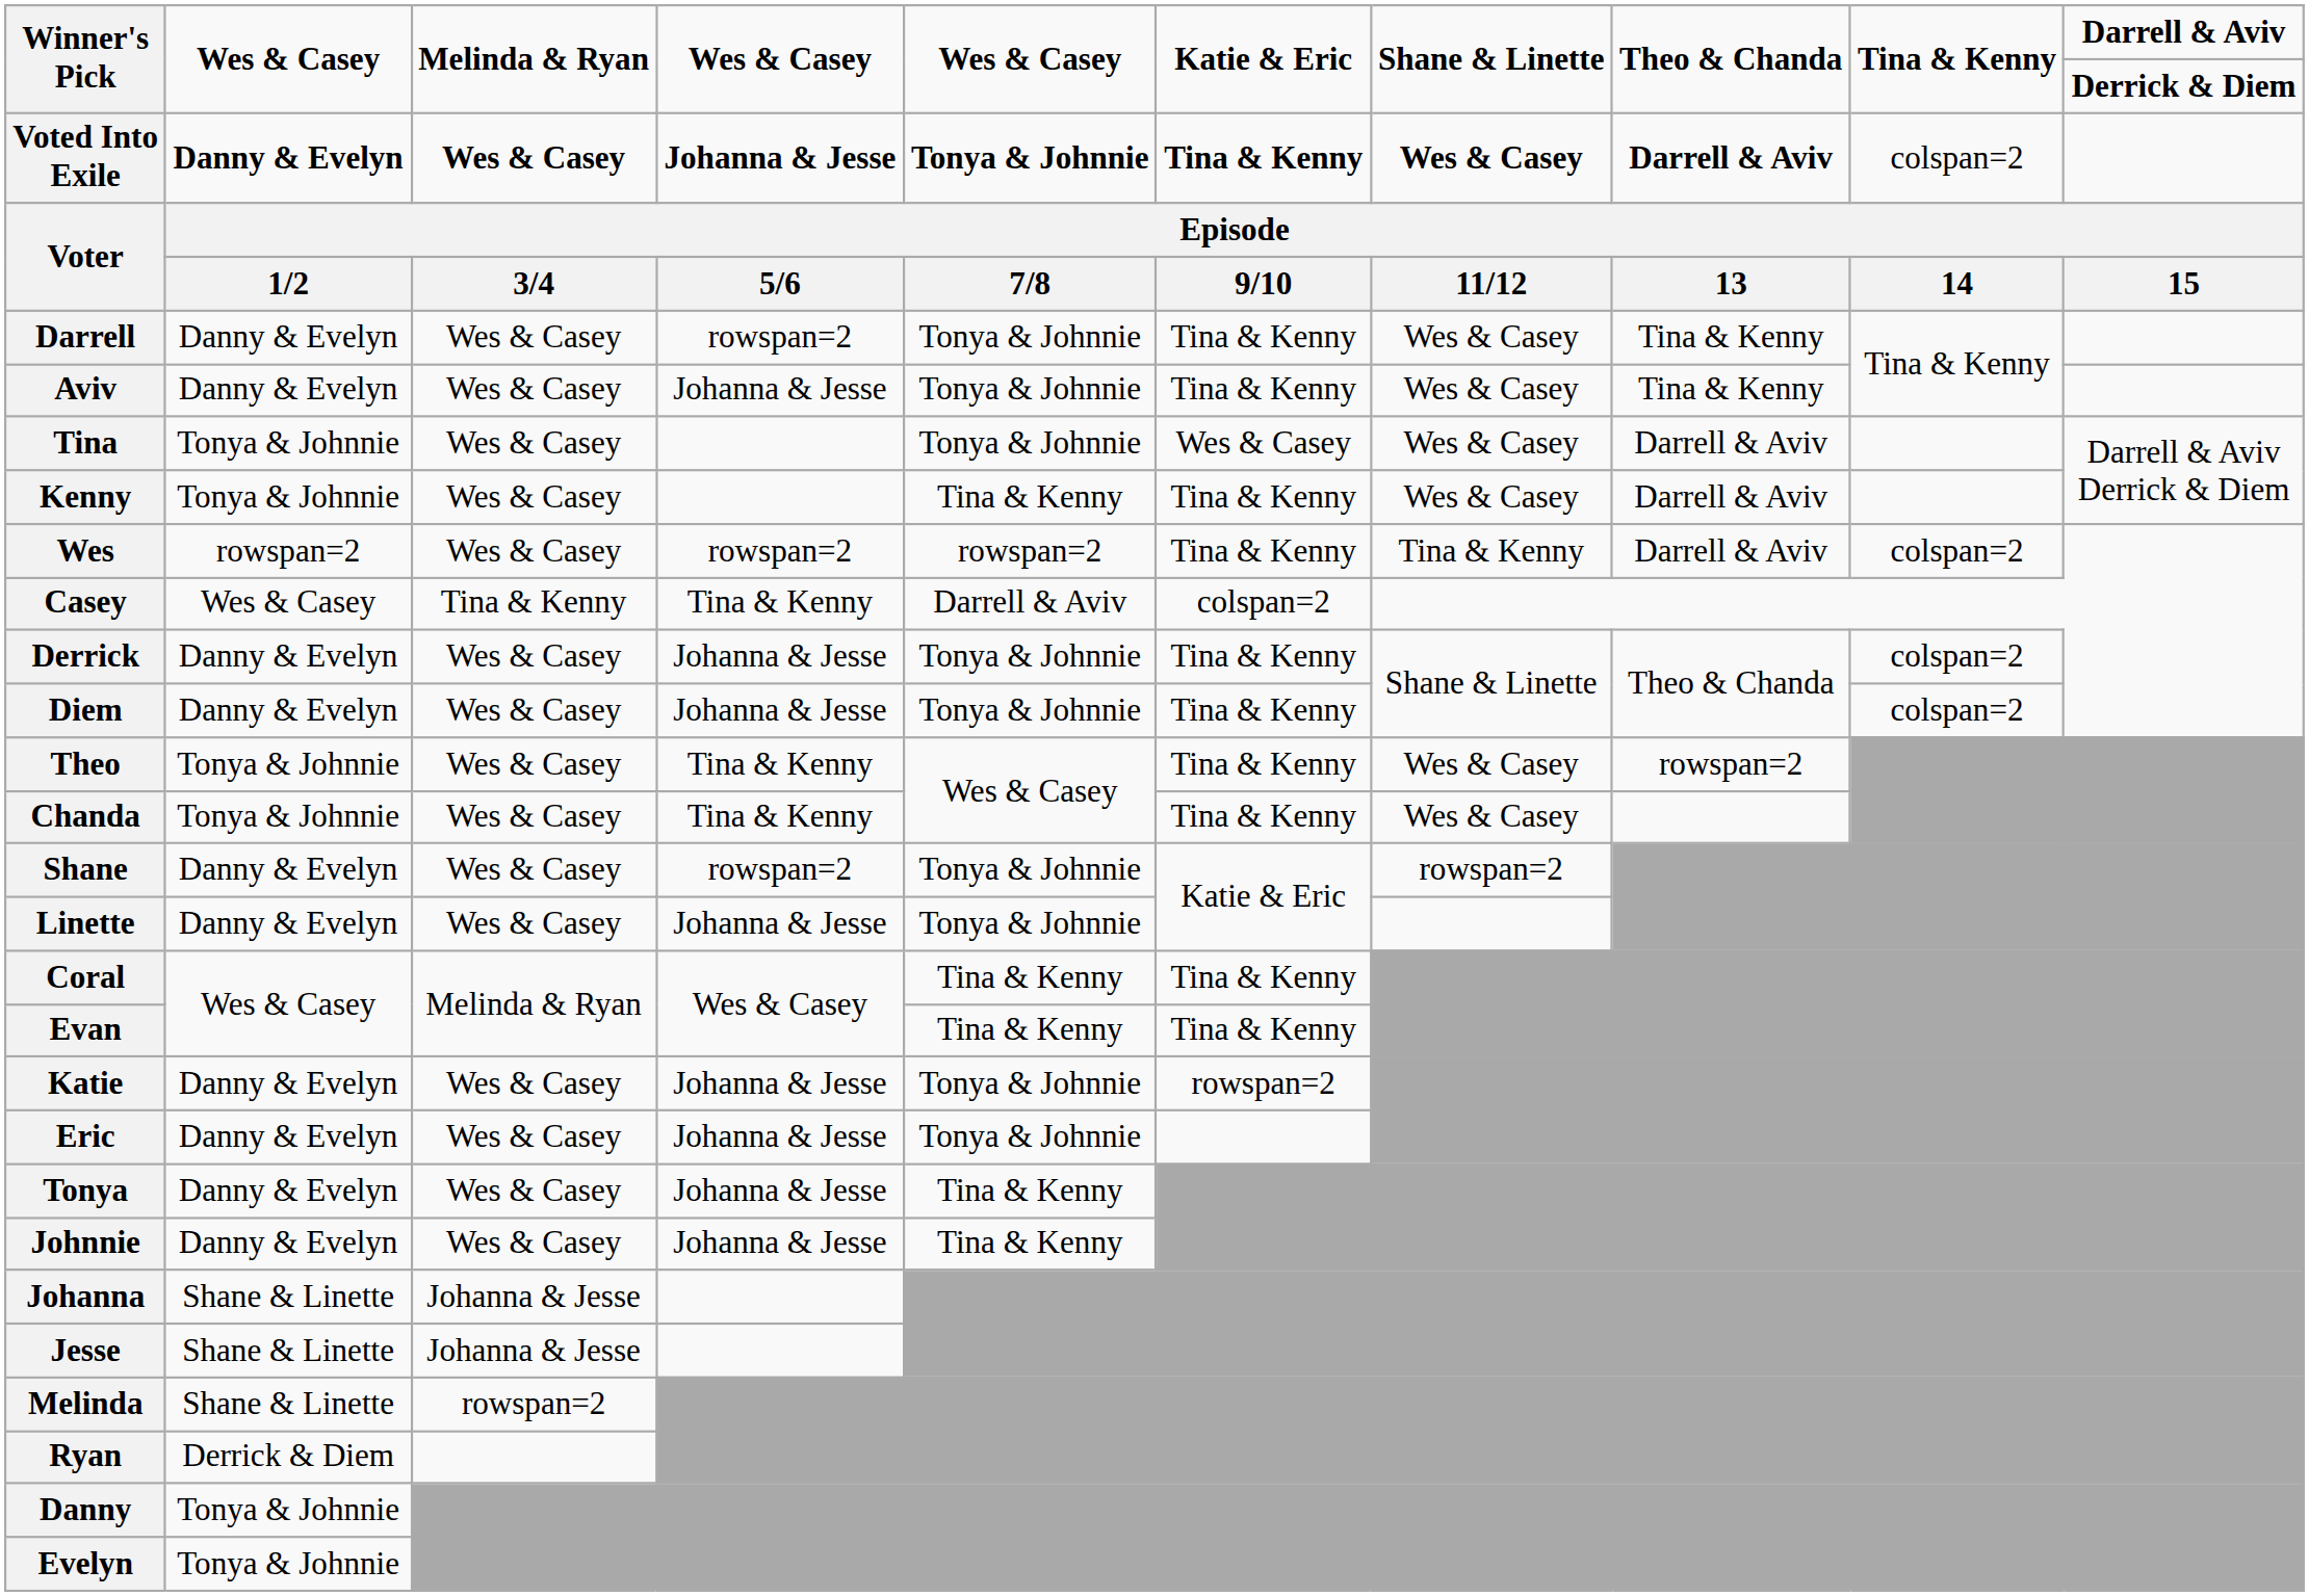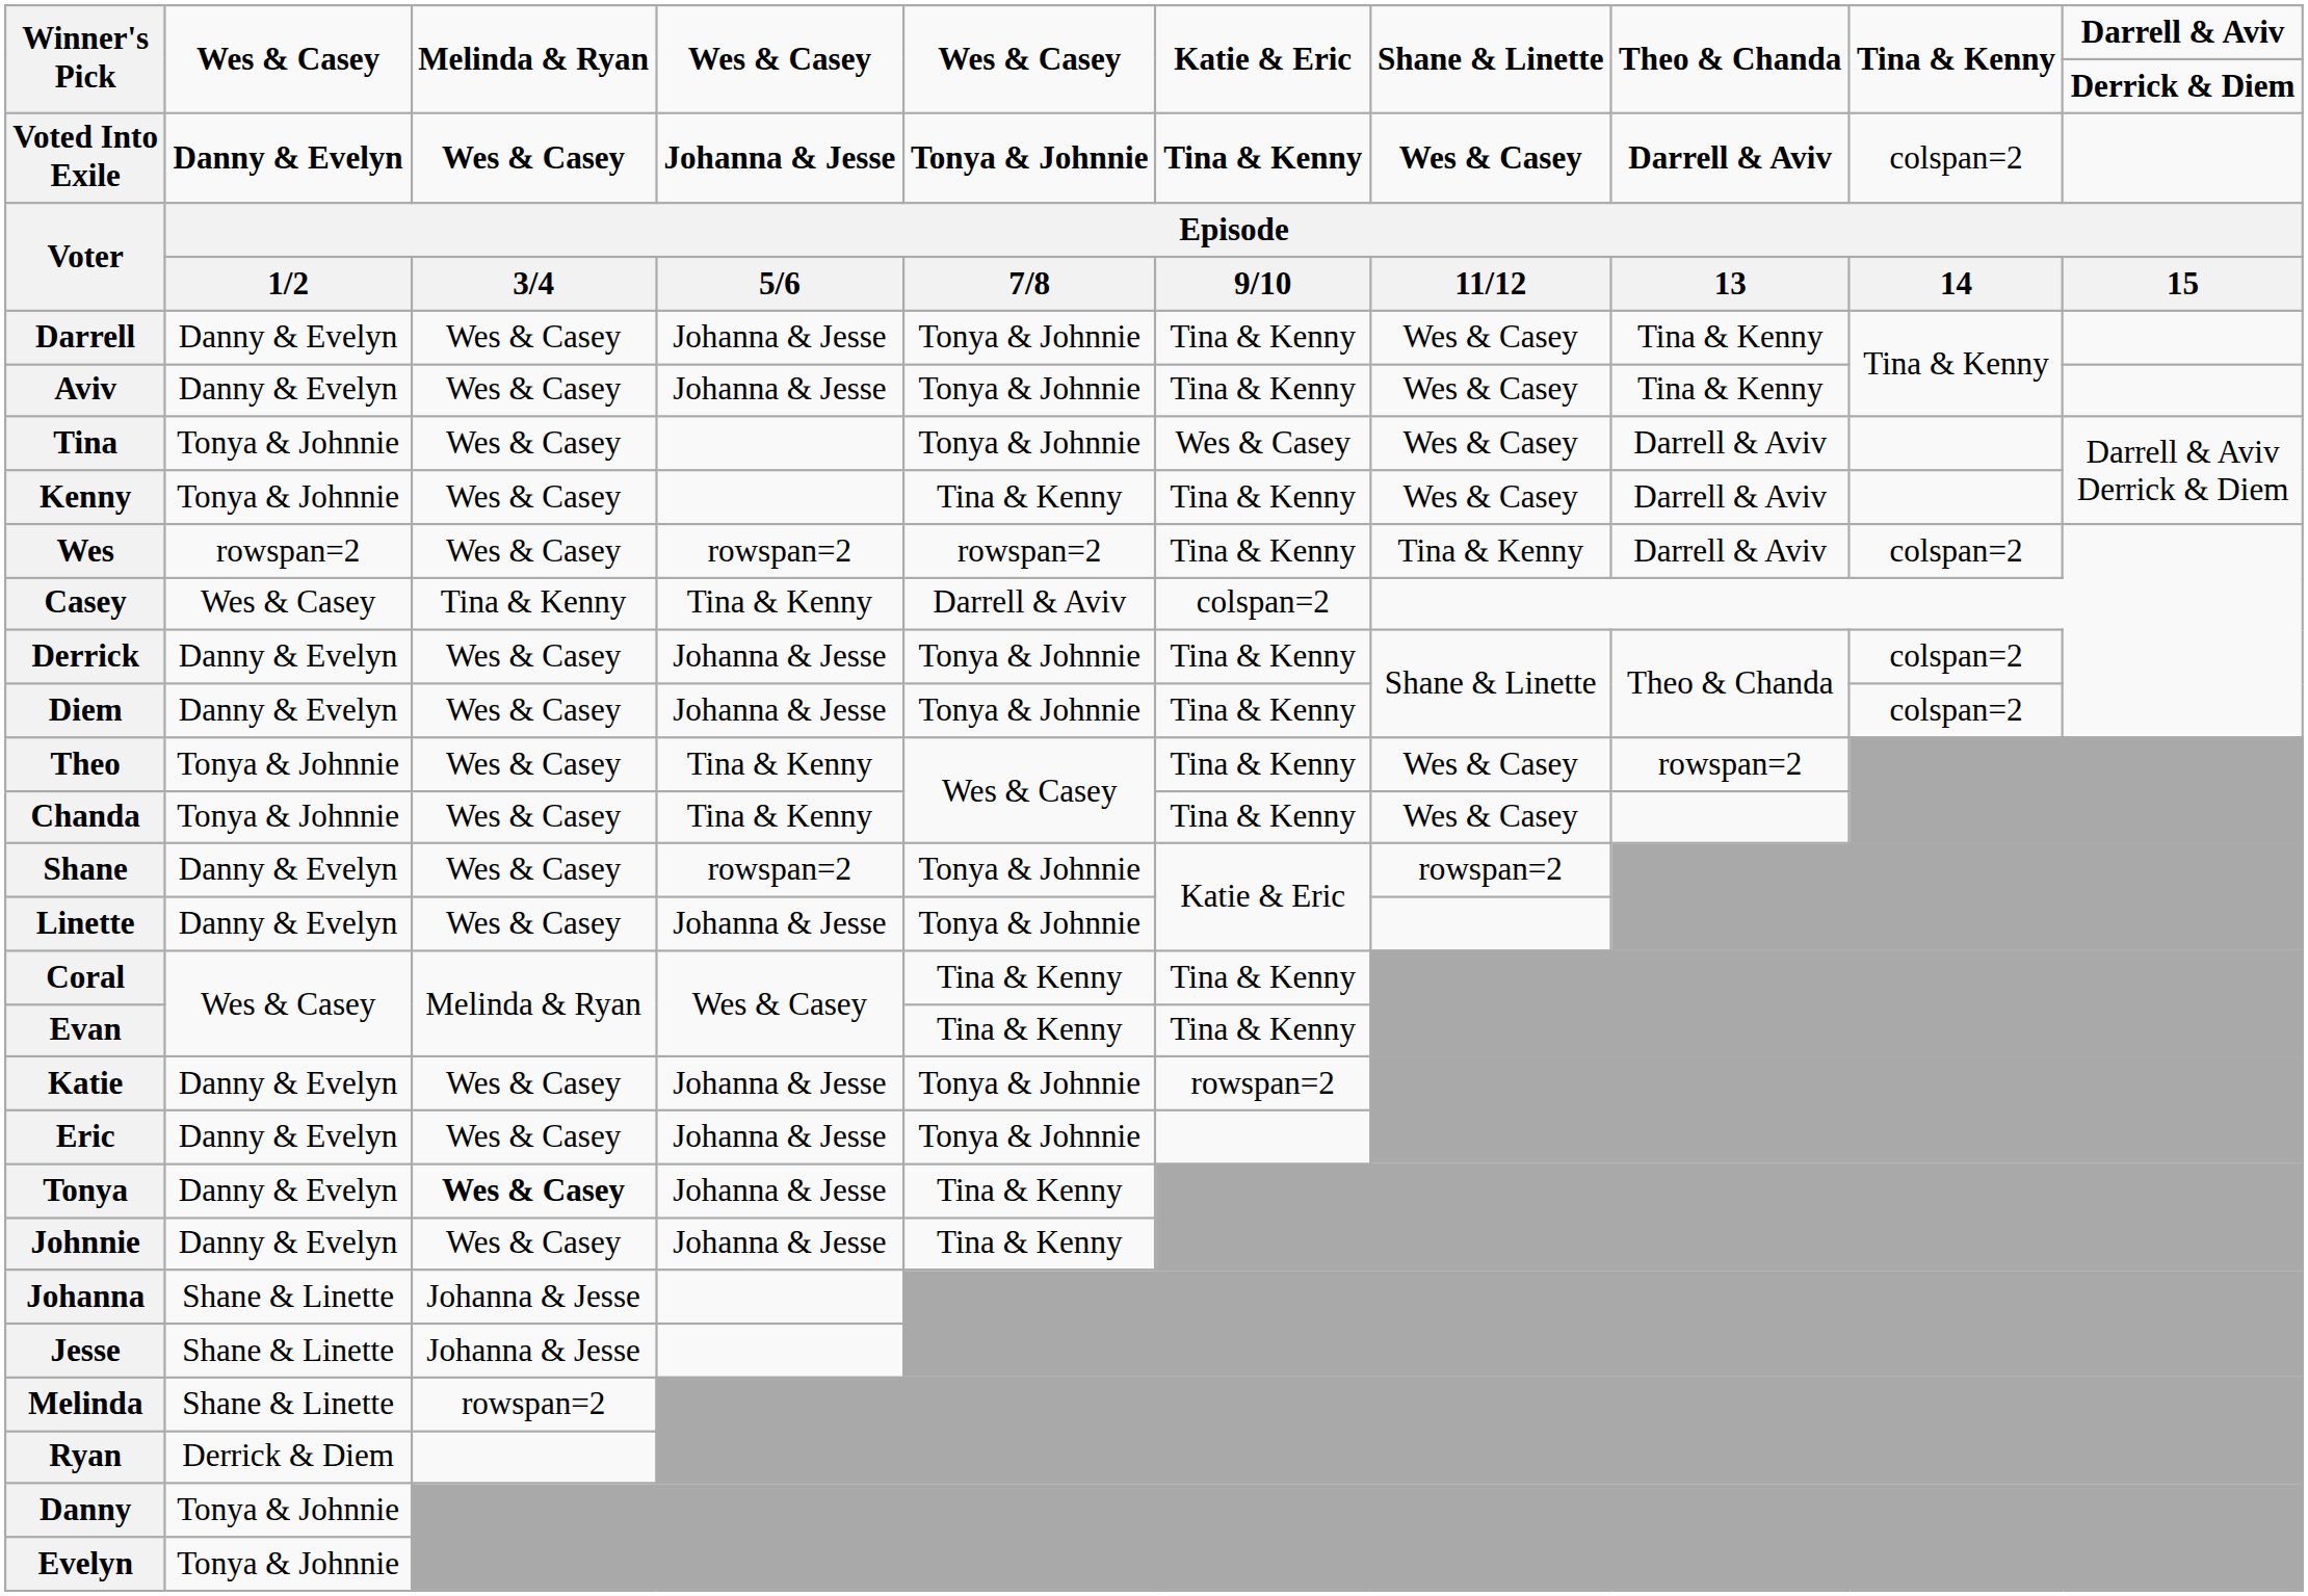 <table class="wikitable" style="text-align:center; font-size:90%; white-space:nowrap">
 <tr>
 <th rowspan=2>Winner's<br>Pick</th>
 <td rowspan=2><strong>Wes & Casey</strong><br></td>
 <td rowspan=2><strong>Melinda & Ryan</strong><br></td>
 <td rowspan=2><strong>Wes & Casey</strong><br></td>
 <td rowspan=2><strong>Wes & Casey</strong><br></td>
 <td rowspan=2><strong>Katie & Eric</strong><br></td>
 <td rowspan=2><strong>Shane & Linette</strong><br></td>
 <td rowspan=2><strong>Theo & Chanda</strong><br></td>
 <td rowspan=2><strong>Tina & Kenny</strong><br></td>
 <td><strong>Darrell & Aviv</strong><br></td>
 </tr>
 <tr>
 <td><strong>Derrick & Diem</strong><br></td>
 </tr>
 <tr>
 <th>Voted Into<br>Exile</th>
 <td><strong>Danny & Evelyn</strong><br></td>
 <td><strong>Wes & Casey</strong><br></td>
 <td><strong>Johanna & Jesse</strong><br></td>
 <td><strong>Tonya & Johnnie</strong><br></td>
 <td><strong>Tina & Kenny</strong><br></td>
 <td><strong>Wes & Casey</strong><br></td>
 <td><strong>Darrell & Aviv</strong><br></td>
 <td>colspan=2 </td>
 </tr>
 <tr>
 <th rowspan=2>Voter</th>
 <th colspan=16>Episode</th>
 </tr>
 <tr>
 <th>1/2</th>
 <th>3/4</th>
 <th>5/6</th>
 <th>7/8</th>
 <th>9/10</th>
 <th>11/12</th>
 <th>13</th>
 <th>14</th>
 <th>15</th>
 </tr>
 <tr>
 <th>Darrell</th>
 <td>Danny & Evelyn</td>
 <td>Wes & Casey</td>
-<td>rowspan=2 </td>
+<td>Johanna & Jesse</td>
 <td>Tonya & Johnnie</td>
 <td>Tina & Kenny</td>
 <td>Wes & Casey</td>
 <td>Tina & Kenny</td>
 <td rowspan=2>Tina & Kenny</td>
 <td></td>
 </tr>
 <tr>
 <th>Aviv</th>
 <td>Danny & Evelyn</td>
 <td>Wes & Casey</td>
 <td>Johanna & Jesse</td>
 <td>Tonya & Johnnie</td>
 <td>Tina & Kenny</td>
 <td>Wes & Casey</td>
 <td>Tina & Kenny</td>
 <td></td>
 </tr>
 <tr>
 <th>Tina</th>
 <td>Tonya & Johnnie</td>
 <td>Wes & Casey</td>
 <td></td>
 <td>Tonya & Johnnie</td>
 <td>Wes & Casey</td>
 <td>Wes & Casey</td>
 <td>Darrell & Aviv</td>
 <td></td>
 <td rowspan=2>Darrell & Aviv<br>Derrick & Diem</td>
 </tr>
 <tr>
 <th>Kenny</th>
 <td>Tonya & Johnnie</td>
 <td>Wes & Casey</td>
 <td></td>
 <td>Tina & Kenny</td>
 <td>Tina & Kenny</td>
 <td>Wes & Casey</td>
 <td>Darrell & Aviv</td>
 <td></td>
 </tr>
 <tr>
 <th>Wes</th>
 <td>rowspan=2 </td>
 <td>Wes & Casey</td>
 <td>rowspan=2 </td>
 <td>rowspan=2 </td>
 <td>Tina & Kenny</td>
 <td>Tina & Kenny</td>
 <td>Darrell & Aviv</td>
 <td>colspan=2 </td>
 </tr>
 <tr>
 <th>Casey</th>
 <td>Wes & Casey</td>
 <td>Tina & Kenny</td>
 <td>Tina & Kenny</td>
 <td>Darrell & Aviv</td>
 <td>colspan=2 </td>
 </tr>
 <tr>
 <th>Derrick</th>
 <td>Danny & Evelyn</td>
 <td>Wes & Casey</td>
 <td>Johanna & Jesse</td>
 <td>Tonya & Johnnie</td>
 <td>Tina & Kenny</td>
 <td rowspan=2>Shane & Linette</td>
 <td rowspan=2>Theo & Chanda</td>
 <td>colspan=2 </td>
 </tr>
 <tr>
 <th>Diem</th>
 <td>Danny & Evelyn</td>
 <td>Wes & Casey</td>
 <td>Johanna & Jesse</td>
 <td>Tonya & Johnnie</td>
 <td>Tina & Kenny</td>
 <td>colspan=2 </td>
 </tr>
 <tr>
 <th>Theo</th>
 <td>Tonya & Johnnie</td>
 <td>Wes & Casey</td>
 <td>Tina & Kenny</td>
 <td rowspan=2>Wes & Casey</td>
 <td>Tina & Kenny</td>
 <td>Wes & Casey</td>
 <td>rowspan=2 </td>
 <td style="background:darkgrey;" rowspan="2" colspan="2"></td>
 </tr>
 <tr>
 <th>Chanda</th>
 <td>Tonya & Johnnie</td>
 <td>Wes & Casey</td>
 <td>Tina & Kenny</td>
 <td>Tina & Kenny</td>
 <td>Wes & Casey</td>
 </tr>
 <tr>
 <th>Shane</th>
 <td>Danny & Evelyn</td>
 <td>Wes & Casey</td>
 <td>rowspan=2 </td>
 <td>Tonya & Johnnie</td>
 <td rowspan=2>Katie & Eric</td>
 <td>rowspan=2 </td>
 <td style="background:darkgrey;" rowspan="2" colspan="3"></td>
 </tr>
 <tr>
 <th>Linette</th>
 <td>Danny & Evelyn</td>
 <td>Wes & Casey</td>
 <td>Johanna & Jesse</td>
 <td>Tonya & Johnnie</td>
 </tr>
 <tr>
 <th>Coral</th>
 <td rowspan=2>Wes & Casey</td>
 <td rowspan=2>Melinda & Ryan</td>
 <td rowspan=2>Wes & Casey</td>
 <td>Tina & Kenny</td>
 <td>Tina & Kenny</td>
 <td style="background:darkgrey;" rowspan="2" colspan="4"></td>
 </tr>
 <tr>
 <th>Evan</th>
 <td>Tina & Kenny</td>
 <td>Tina & Kenny</td>
 </tr>
 <tr>
 <th>Katie</th>
 <td>Danny & Evelyn</td>
 <td>Wes & Casey</td>
 <td>Johanna & Jesse</td>
 <td>Tonya & Johnnie</td>
 <td>rowspan=2 </td>
 <td style="background:darkgrey;" rowspan="2" colspan="4"></td>
 </tr>
 <tr>
 <th>Eric</th>
 <td>Danny & Evelyn</td>
 <td>Wes & Casey</td>
 <td>Johanna & Jesse</td>
 <td>Tonya & Johnnie</td>
 </tr>
 <tr>
 <th>Tonya</th>
 <td>Danny & Evelyn</td>
-<td>Wes & Casey</td>
+<td><strong>Wes & Casey</strong></td>
 <td>Johanna & Jesse</td>
 <td>Tina & Kenny</td>
 <td style="background:darkgrey;" rowspan="2" colspan="5"></td>
 </tr>
 <tr>
 <th>Johnnie</th>
 <td>Danny & Evelyn</td>
 <td>Wes & Casey</td>
 <td>Johanna & Jesse</td>
 <td>Tina & Kenny</td>
 </tr>
 <tr>
 <th>Johanna</th>
 <td>Shane & Linette</td>
 <td>Johanna & Jesse</td>
 <td></td>
 <td style="background:darkgrey;" rowspan="2" colspan="6"></td>
 </tr>
 <tr>
 <th>Jesse</th>
 <td>Shane & Linette</td>
 <td>Johanna & Jesse</td>
 <td></td>
 </tr>
 <tr>
 <th>Melinda</th>
 <td>Shane & Linette</td>
 <td>rowspan=2 </td>
 <td style="background:darkgrey;" rowspan="2" colspan="7"></td>
 </tr>
 <tr>
 <th>Ryan</th>
 <td>Derrick & Diem</td>
 </tr>
 <tr>
 <th>Danny</th>
 <td>Tonya & Johnnie</td>
 <td style="background:darkgrey;" rowspan="2" colspan="8"></td>
 </tr>
 <tr>
 <th>Evelyn</th>
 <td>Tonya & Johnnie</td>
 </tr>
 </table>
